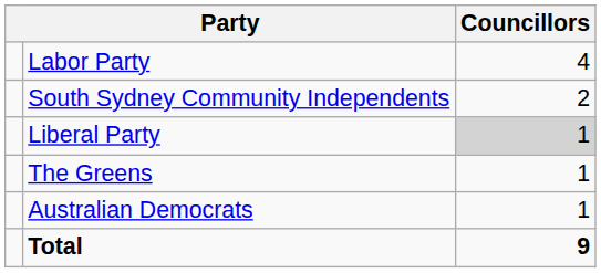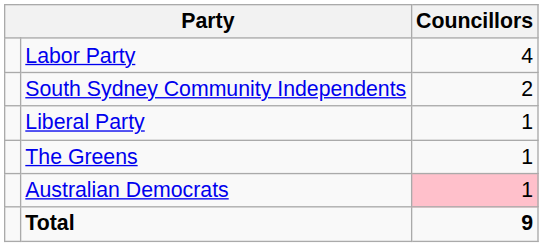 <table class="wikitable">
 <tr>
 <th colspan="2">Party</th>
 <th>Councillors</th>
 </tr>
 <tr>
 <td> </td>
 <td><a href='#'>Labor Party</a></td>
 <td align=right>4</td>
 </tr>
 <tr>
 <td> </td>
 <td><a href='#'>South Sydney Community Independents</a></td>
 <td align=right>2</td>
 </tr>
 <tr>
 <td> </td>
 <td><a href='#'>Liberal Party</a></td>
-<td align=right style="background: lightgrey;">1</td>
+<td align=right>1</td>
 </tr>
 <tr>
 <td> </td>
 <td><a href='#'>The Greens</a></td>
 <td align=right>1</td>
 </tr>
 <tr>
 <td> </td>
 <td><a href='#'>Australian Democrats</a></td>
-<td align=right>1</td>
+<td align=right style="background: pink;">1</td>
 </tr>
 <tr>
 <td></td>
 <td><strong>Total</strong></td>
 <td align=right><strong>9</strong></td>
 </tr>
 </table>
